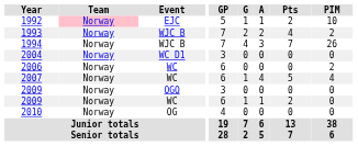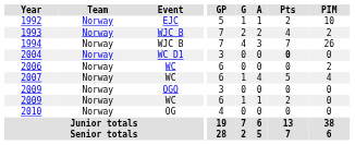 <table border="0" cellpadding="1" cellspacing="0" ID="Table3" style="text-align:center; width:40em">
 <tr ALIGN="center" bgcolor="#e0e0e0">
 <th>Year</th>
 <th>Team</th>
 <th>Event</th>
 <th rowspan="102" bgcolor="#ffffff"></th>
 <th>GP</th>
 <th>G</th>
 <th>A</th>
 <th>Pts</th>
 <th>PIM</th>
 </tr>
 <tr>
 <td><a href='#'>1992</a></td>
-<td style="background: pink;"><a href='#'>Norway</a></td>
+<td><a href='#'>Norway</a></td>
 <td><a href='#'>EJC</a></td>
 <td>5</td>
 <td>1</td>
 <td>1</td>
 <td>2</td>
 <td>10</td>
 </tr>
 <tr bgcolor="#f0f0f0">
 <td><a href='#'>1993</a></td>
 <td><a href='#'>Norway</a></td>
 <td><a href='#'>WJC B</a></td>
 <td>7</td>
 <td>2</td>
 <td>2</td>
 <td>4</td>
 <td>2</td>
 </tr>
 <tr>
 <td><a href='#'>1994</a></td>
 <td>Norway</td>
 <td>WJC B</td>
 <td>7</td>
 <td>4</td>
 <td>3</td>
 <td>7</td>
 <td>26</td>
 </tr>
 <tr bgcolor="#f0f0f0">
 <td><a href='#'>2004</a></td>
 <td><a href='#'>Norway</a></td>
 <td><a href='#'>WC D1</a></td>
 <td>3</td>
 <td>0</td>
 <td>0</td>
-<td>0</td>
+<td><strong>0</strong></td>
 <td>0</td>
 </tr>
 <tr>
 <td><a href='#'>2006</a></td>
 <td>Norway</td>
 <td><a href='#'>WC</a></td>
 <td>6</td>
 <td>0</td>
 <td>0</td>
 <td>0</td>
 <td>2</td>
 </tr>
 <tr bgcolor="#f0f0f0">
 <td><a href='#'>2007</a></td>
 <td>Norway</td>
 <td>WC</td>
 <td>6</td>
 <td>1</td>
 <td>4</td>
 <td>5</td>
 <td>4</td>
 </tr>
 <tr>
 <td><a href='#'>2009</a></td>
 <td>Norway</td>
 <td><a href='#'>OGQ</a></td>
 <td>3</td>
 <td>0</td>
 <td>0</td>
 <td>0</td>
 <td>0</td>
 </tr>
 <tr bgcolor="#f0f0f0">
 <td><a href='#'>2009</a></td>
 <td>Norway</td>
 <td>WC</td>
 <td>6</td>
 <td>1</td>
 <td>1</td>
 <td>2</td>
 <td>0</td>
 </tr>
 <tr>
 <td><a href='#'>2010</a></td>
 <td>Norway</td>
 <td>OG</td>
 <td>4</td>
 <td>0</td>
 <td>0</td>
 <td>0</td>
 <td>0</td>
 </tr>
 <tr bgcolor="#e0e0e0">
 <th colspan=3>Junior totals</th>
 <th>19</th>
 <th>7</th>
 <th>6</th>
 <th>13</th>
 <th>38</th>
 </tr>
 <tr bgcolor="#e0e0e0">
 <th colspan=3>Senior totals</th>
 <th>28</th>
 <th>2</th>
 <th>5</th>
 <th>7</th>
 <th>6</th>
 </tr>
 </table>
